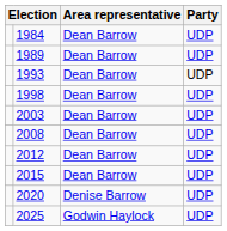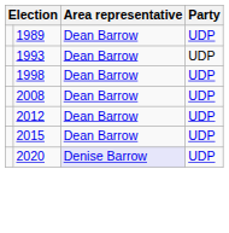 <table class="wikitable">
 <tr>
 <th colspan="2">Election</th>
 <th>Area representative</th>
 <th>Party</th>
-</tr>
-<tr>
-<td style="background-color: "></td>
-<td><a href='#'>1984</a></td>
-<td><a href='#'>Dean Barrow</a></td>
-<td><a href='#'>UDP</a></td>
 </tr>
 <tr>
 <td style="background-color: "></td>
 <td><a href='#'>1989</a></td>
 <td><a href='#'>Dean Barrow</a></td>
 <td><a href='#'>UDP</a></td>
 </tr>
 <tr>
 <td style="background-color: "></td>
 <td><a href='#'>1993</a></td>
 <td><a href='#'>Dean Barrow</a></td>
 <td>UDP</td>
 </tr>
 <tr>
 <td style="background-color: "></td>
 <td><a href='#'>1998</a></td>
-<td><a href='#'>Dean Barrow</a></td>
-<td><a href='#'>UDP</a></td>
-</tr>
-<tr>
-<td style="background-color: "></td>
-<td><a href='#'>2003</a></td>
 <td><a href='#'>Dean Barrow</a></td>
 <td><a href='#'>UDP</a></td>
 </tr>
 <tr>
 <td style="background-color: "></td>
 <td><a href='#'>2008</a></td>
 <td><a href='#'>Dean Barrow</a></td>
 <td><a href='#'>UDP</a></td>
 </tr>
 <tr>
 <td style="background-color: "></td>
 <td><a href='#'>2012</a></td>
 <td><a href='#'>Dean Barrow</a></td>
 <td><a href='#'>UDP</a></td>
 </tr>
 <tr>
 <td style="background-color: "></td>
 <td><a href='#'>2015</a></td>
 <td><a href='#'>Dean Barrow</a></td>
 <td><a href='#'>UDP</a></td>
 </tr>
 <tr>
 <td style="background-color: "></td>
 <td><a href='#'>2020</a></td>
-<td><a href='#'>Denise Barrow</a></td>
-<td><a href='#'>UDP</a></td>
-</tr>
-<tr>
-<td style="background-color: "></td>
-<td><a href='#'>2025</a></td>
-<td><a href='#'>Godwin Haylock</a></td>
+<td style="background: lavender;"><a href='#'>Denise Barrow</a></td>
 <td><a href='#'>UDP</a></td>
 </tr>
 </table>
